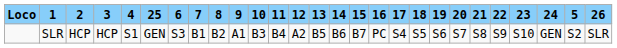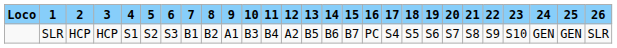 <table class="wikitable plainrowheaders unsortable" style="text-align:center">
 <tr>
 <th scope="col" rowspan="1" style="background:lightskyblue;">Loco</th>
 <th scope="col" rowspan="1" style="background:lightskyblue;">1</th>
 <th scope="col" rowspan="1" style="background:lightskyblue;">2</th>
 <th scope="col" rowspan="1" style="background:lightskyblue;">3</th>
 <th scope="col" rowspan="1" style="background:lightskyblue;">4</th>
-<th scope="col" rowspan="1" style="background:lightskyblue;">25</th>
+<th scope="col" rowspan="1" style="background:lightskyblue;">5</th>
 <th scope="col" rowspan="1" style="background:lightskyblue;">6</th>
 <th scope="col" rowspan="1" style="background:lightskyblue;">7</th>
 <th scope="col" rowspan="1" style="background:lightskyblue;">8</th>
 <th scope="col" rowspan="1" style="background:lightskyblue;">9</th>
 <th scope="col" rowspan="1" style="background:lightskyblue;">10</th>
 <th scope="col" rowspan="1" style="background:lightskyblue;">11</th>
 <th scope="col" rowspan="1" style="background:lightskyblue;">12</th>
 <th scope="col" rowspan="1" style="background:lightskyblue;">13</th>
 <th scope="col" rowspan="1" style="background:lightskyblue;">14</th>
 <th scope="col" rowspan="1" style="background:lightskyblue;">15</th>
 <th scope="col" rowspan="1" style="background:lightskyblue;">16</th>
 <th scope="col" rowspan="1" style="background:lightskyblue;">17</th>
 <th scope="col" rowspan="1" style="background:lightskyblue;">18</th>
 <th scope="col" rowspan="1" style="background:lightskyblue;">19</th>
 <th scope="col" rowspan="1" style="background:lightskyblue;">20</th>
 <th scope="col" rowspan="1" style="background:lightskyblue;">21</th>
 <th scope="col" rowspan="1" style="background:lightskyblue;">22</th>
 <th scope="col" rowspan="1" style="background:lightskyblue;">23</th>
 <th scope="col" rowspan="1" style="background:lightskyblue;">24</th>
-<th scope="col" rowspan="1" style="background:lightskyblue;">5</th>
+<th scope="col" rowspan="1" style="background:lightskyblue;">25</th>
 <th scope="col" rowspan="1" style="background:lightskyblue;">26</th>
 </tr>
 <tr>
 <td></td>
 <td>SLR</td>
 <td>HCP</td>
 <td>HCP</td>
 <td>S1</td>
-<td>GEN</td>
+<td>S2</td>
 <td>S3</td>
 <td>B1</td>
 <td>B2</td>
 <td>A1</td>
 <td>B3</td>
 <td>B4</td>
 <td>A2</td>
 <td>B5</td>
 <td>B6</td>
 <td>B7</td>
 <td>PC</td>
 <td>S4</td>
 <td>S5</td>
 <td>S6</td>
 <td>S7</td>
 <td>S8</td>
 <td>S9</td>
 <td>S10</td>
 <td>GEN</td>
-<td>S2</td>
+<td>GEN</td>
 <td>SLR</td>
 </tr>
 </table>
